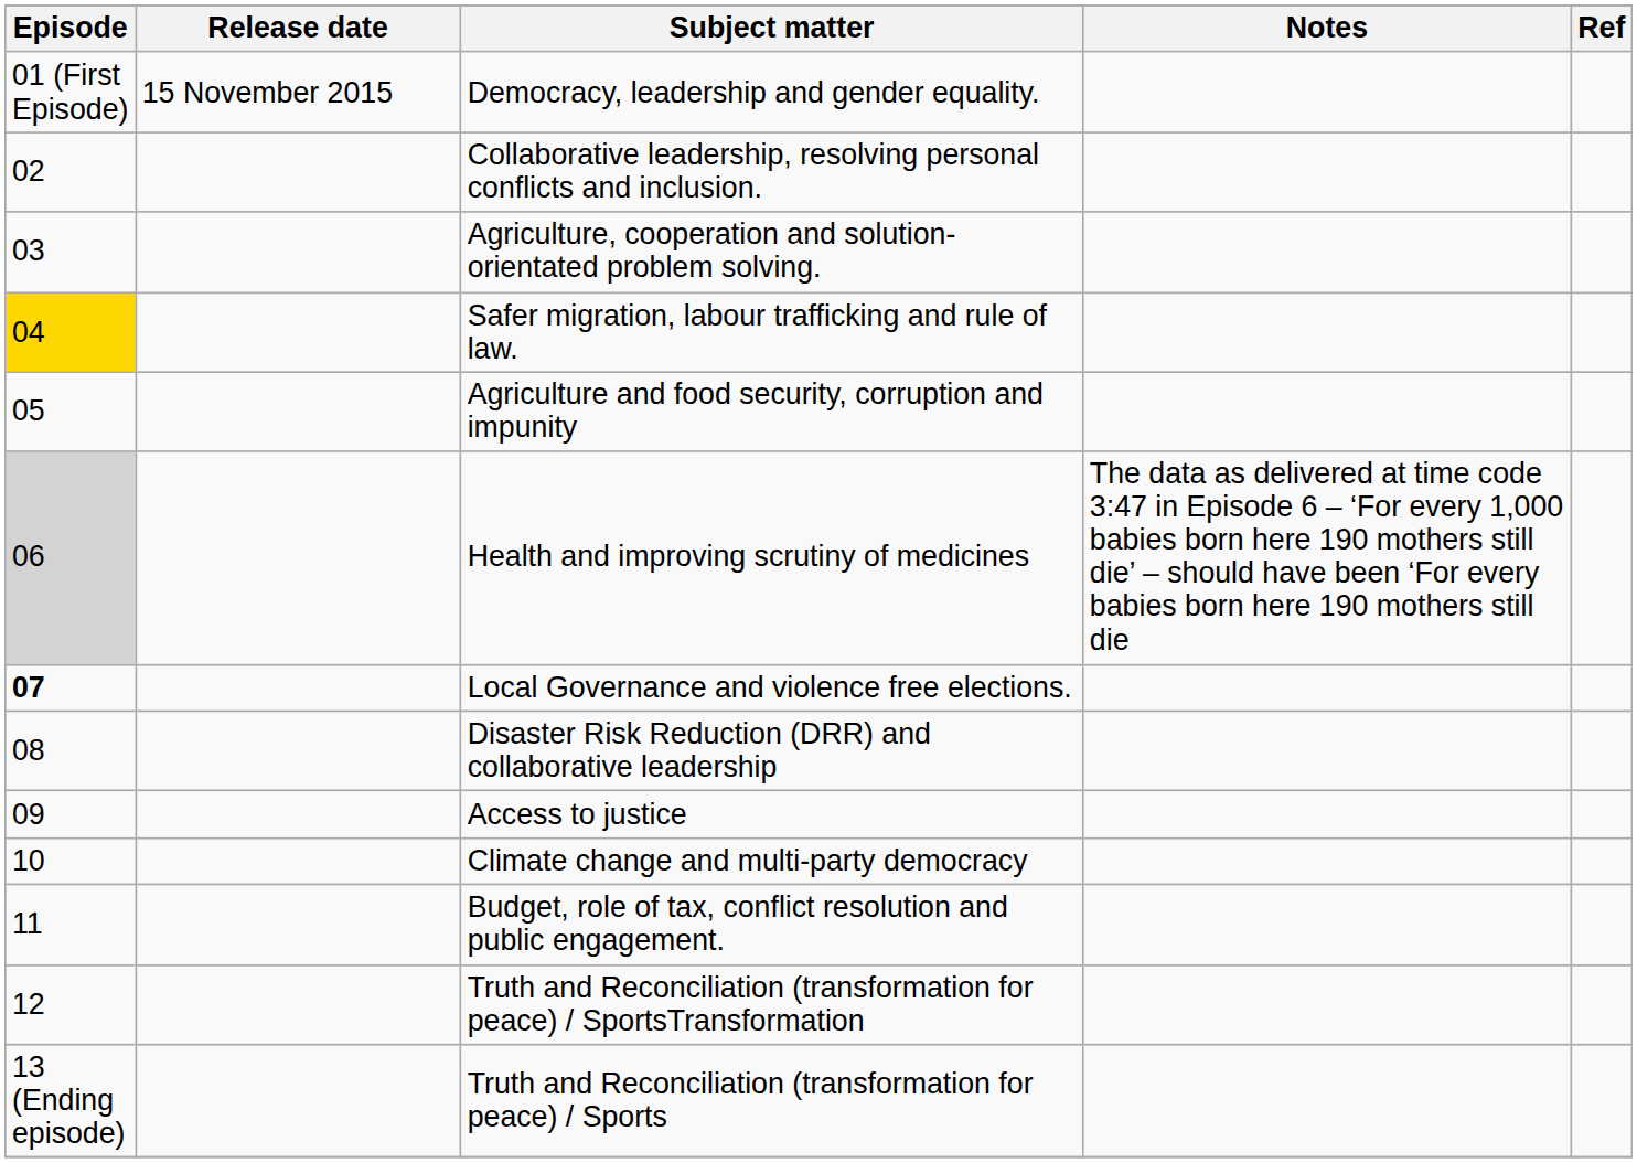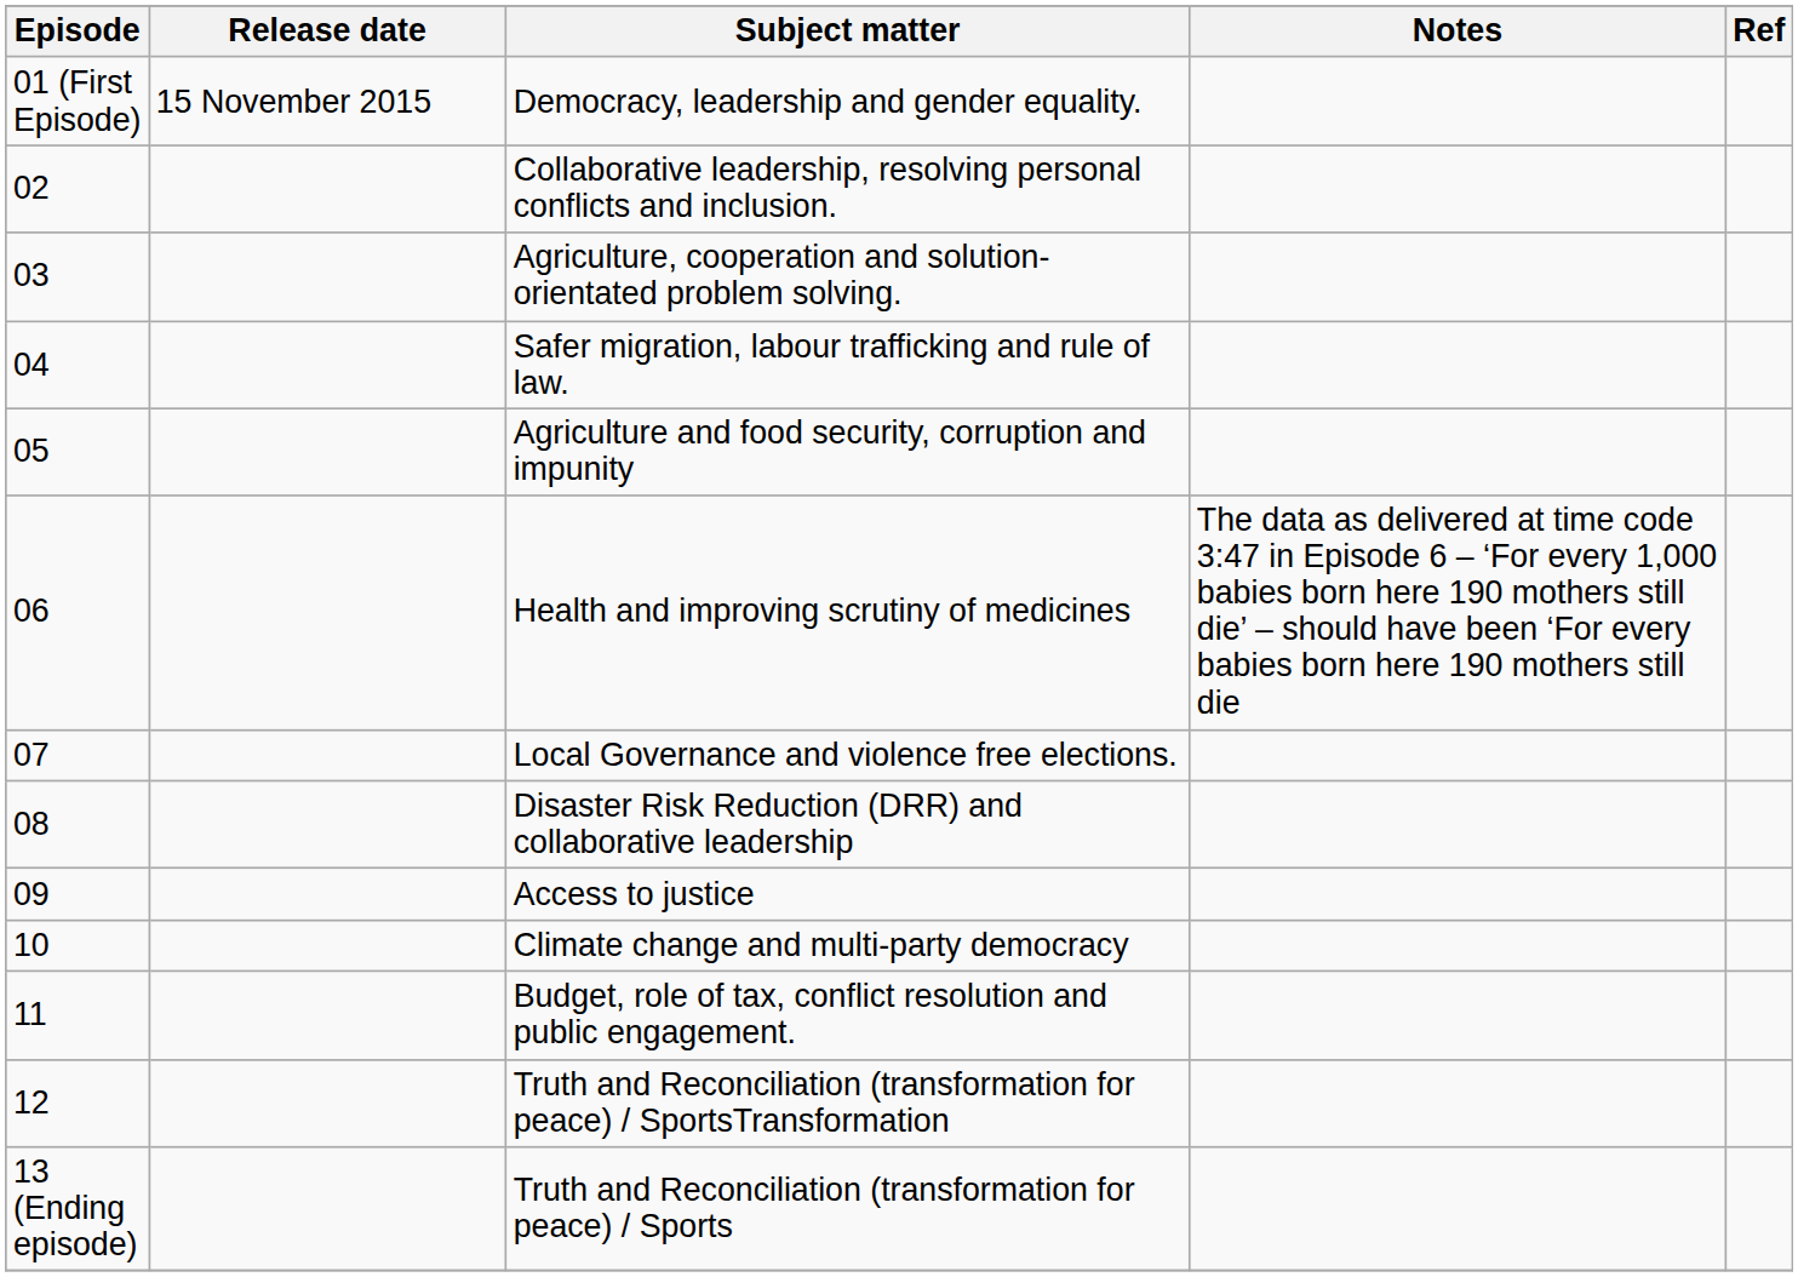 <table class="wikitable sortable" style="width:100%">
 <tr shor>
 </tr>
 <tr>
 <th style="width:5%;">Episode</th>
 <th style="width:20%;">Release date</th>
 <th !style="width:10%;">Subject matter</th>
 <th style="width:30%;">Notes</th>
 <th style="width:2%;">Ref</th>
 </tr>
 <tr>
 <td>01 (First Episode)</td>
 <td>15 November 2015</td>
 <td>Democracy, leadership and gender equality.</td>
 <td></td>
 <td></td>
 </tr>
 <tr>
 <td>02</td>
 <td></td>
 <td>Collaborative leadership, resolving personal conflicts and inclusion.</td>
 <td></td>
 <td></td>
 </tr>
 <tr>
 <td>03</td>
 <td></td>
 <td>Agriculture, cooperation and solution-orientated problem solving.</td>
 <td></td>
 <td></td>
 </tr>
 <tr>
-<td style="background: gold;">04</td>
+<td>04</td>
 <td></td>
 <td>Safer migration, labour trafficking and rule of law.</td>
 <td></td>
 <td></td>
 </tr>
 <tr>
 <td>05</td>
 <td></td>
 <td>Agriculture and food security, corruption and impunity</td>
 <td></td>
 <td></td>
 </tr>
 <tr>
-<td style="background: lightgrey;">06</td>
+<td>06</td>
 <td></td>
 <td>Health and improving scrutiny of medicines</td>
 <td>The data as delivered at time code 3:47 in Episode 6 – ‘For every 1,000 babies born here 190 mothers still die’ – should have been ‘For every  babies born here 190 mothers still die</td>
 <td></td>
 </tr>
 <tr>
-<td><strong>07</strong></td>
+<td>07</td>
 <td></td>
 <td>Local Governance and violence free elections.</td>
 <td></td>
 <td></td>
 </tr>
 <tr>
 <td>08</td>
 <td></td>
 <td>Disaster Risk Reduction (DRR) and collaborative leadership</td>
 <td></td>
 <td></td>
 </tr>
 <tr>
 <td>09</td>
 <td></td>
 <td>Access to justice</td>
 <td></td>
 <td></td>
 </tr>
 <tr>
 <td>10</td>
 <td></td>
 <td>Climate change and multi-party democracy</td>
 <td></td>
 <td></td>
 </tr>
 <tr>
 <td>11</td>
 <td></td>
 <td>Budget, role of tax, conflict resolution and public engagement.</td>
 <td></td>
 <td></td>
 </tr>
 <tr>
 <td>12</td>
 <td></td>
 <td>Truth and Reconciliation (transformation for peace) / SportsTransformation</td>
 <td></td>
 <td></td>
 </tr>
 <tr>
 <td>13 (Ending episode)</td>
 <td></td>
 <td>Truth and Reconciliation (transformation for peace) / Sports</td>
 <td></td>
 <td></td>
 </tr>
 <tr>
 </tr>
 </table>
